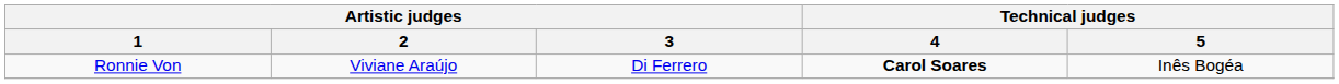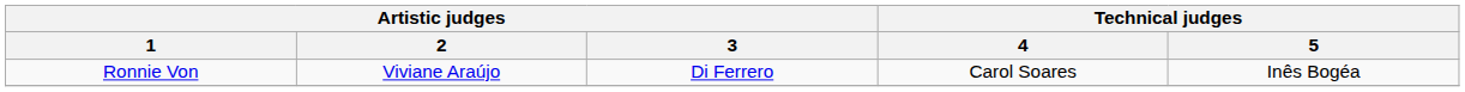 <table class="wikitable" style="font-size:100%; line-height:16px; text-align:center" width="100%">
 <tr>
 <th colspan=3>Artistic judges</th>
 <th colspan=2>Technical judges</th>
 </tr>
 <tr>
 <th width="20.0%">1</th>
 <th width="20.0%">2</th>
 <th width="20.0%">3</th>
 <th width="20.0%">4</th>
 <th width="20.0%">5</th>
 </tr>
 <tr>
 <td><a href='#'>Ronnie Von</a></td>
 <td><a href='#'>Viviane Araújo</a></td>
 <td><a href='#'>Di Ferrero</a></td>
-<td><strong>Carol Soares</strong></td>
+<td>Carol Soares</td>
 <td>Inês Bogéa</td>
 </tr>
 <tr>
 </tr>
 </table>
